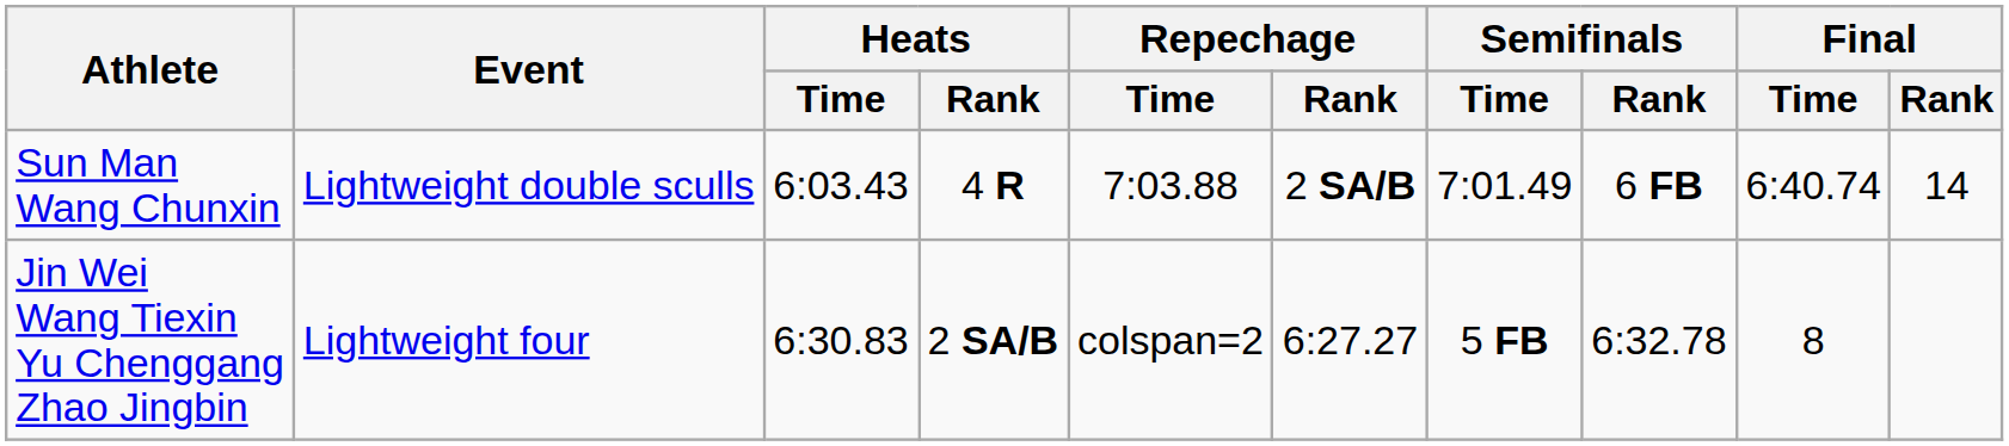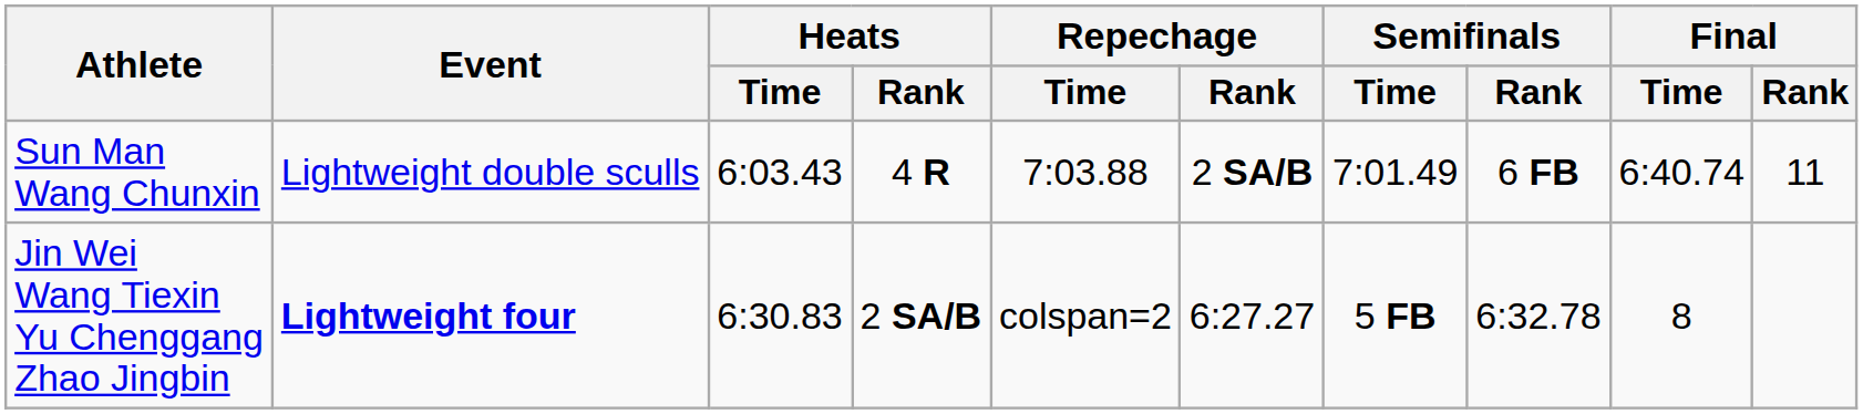 <table class="wikitable" style="font-size:90%">
 <tr>
 <th rowspan="2">Athlete</th>
 <th rowspan="2">Event</th>
 <th colspan="2">Heats</th>
 <th colspan="2">Repechage</th>
 <th colspan="2">Semifinals</th>
 <th colspan="2">Final</th>
 </tr>
 <tr style="font-size:95%">
 <th>Time</th>
 <th>Rank</th>
 <th>Time</th>
 <th>Rank</th>
 <th>Time</th>
 <th>Rank</th>
 <th>Time</th>
 <th>Rank</th>
 </tr>
 <tr align="center">
 <td align=left><a href='#'>Sun Man</a><br><a href='#'>Wang Chunxin</a></td>
 <td align=left><a href='#'>Lightweight double sculls</a></td>
 <td>6:03.43</td>
 <td>4 <strong>R</strong></td>
 <td>7:03.88</td>
 <td>2 <strong>SA/B</strong></td>
 <td>7:01.49</td>
 <td>6 <strong>FB</strong></td>
 <td>6:40.74</td>
-<td>14</td>
+<td>11</td>
 </tr>
 <tr align=center>
 <td align=left><a href='#'>Jin Wei</a><br><a href='#'>Wang Tiexin</a><br><a href='#'>Yu Chenggang</a><br><a href='#'>Zhao Jingbin</a></td>
-<td align=left><a href='#'>Lightweight four</a></td>
+<td align=left><strong><a href='#'>Lightweight four</a></strong></td>
 <td>6:30.83</td>
 <td>2 <strong>SA/B</strong></td>
 <td>colspan=2 </td>
 <td>6:27.27</td>
 <td>5 <strong>FB</strong></td>
 <td>6:32.78</td>
 <td>8</td>
 </tr>
 </table>
